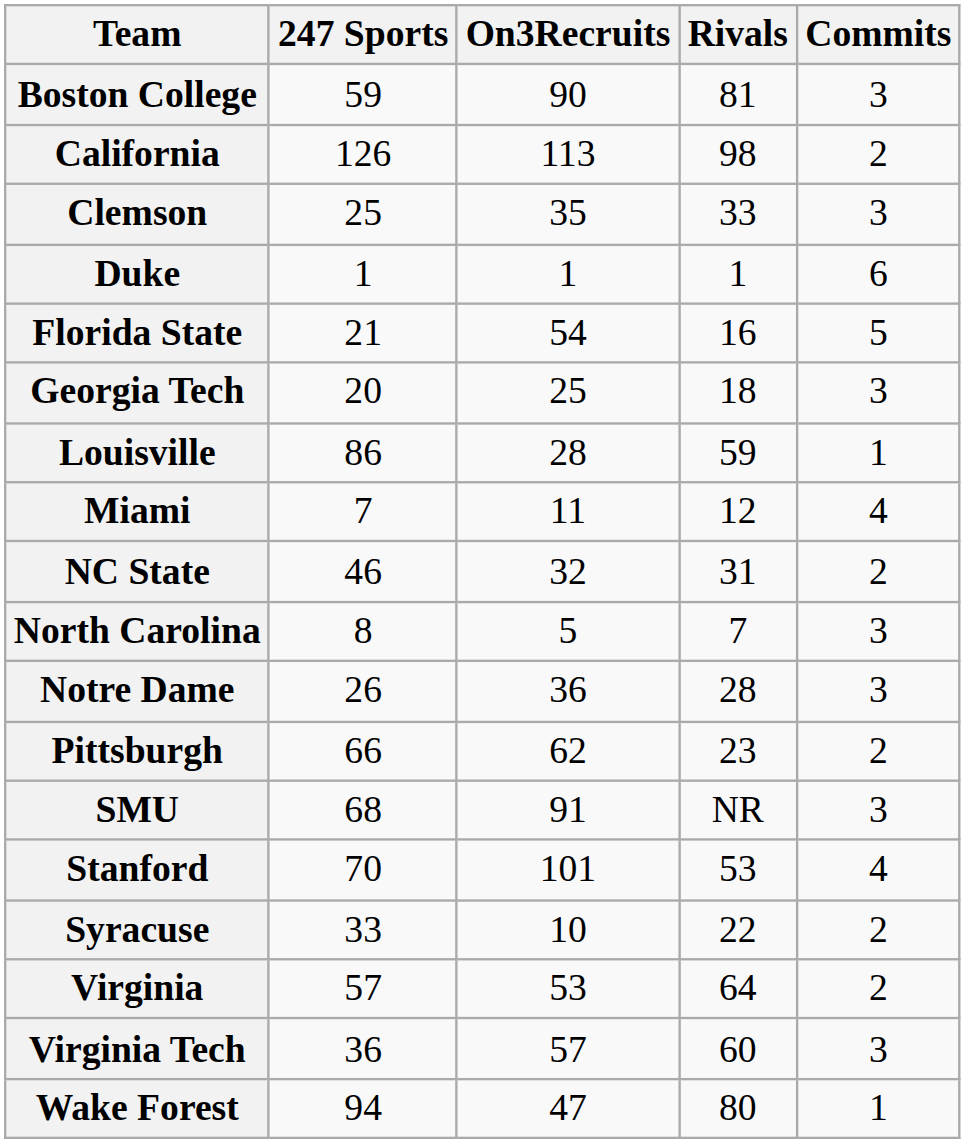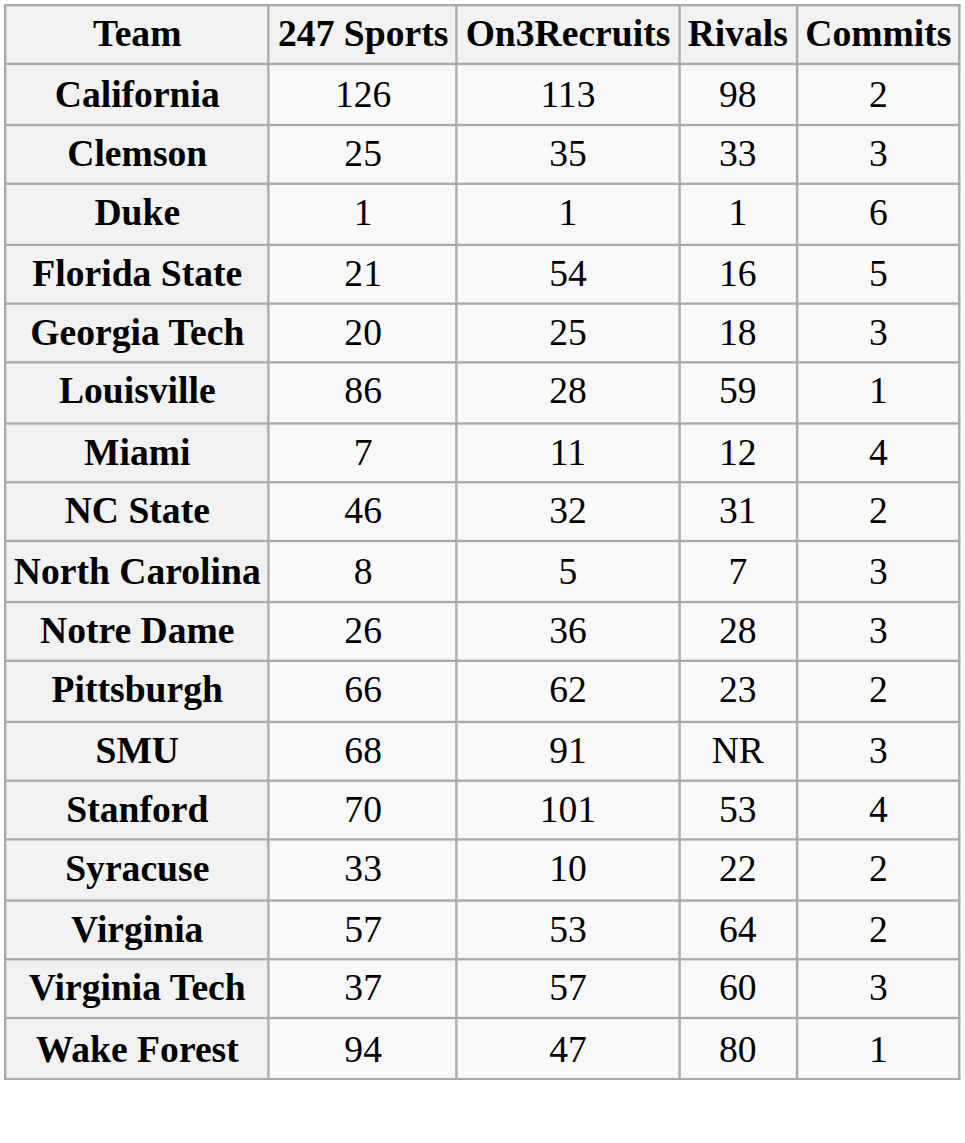 <table class="wikitable sortable" style="text-align:center">
 <tr>
 <th>Team</th>
 <th>247 Sports</th>
 <th>On3Recruits</th>
 <th>Rivals</th>
 <th>Commits</th>
-</tr>
-<tr>
-<th>Boston College</th>
-<td>59</td>
-<td>90</td>
-<td>81</td>
-<td>3</td>
 </tr>
 <tr>
 <th>California</th>
 <td>126</td>
 <td>113</td>
 <td>98</td>
 <td>2</td>
 </tr>
 <tr>
 <th>Clemson</th>
 <td>25</td>
 <td>35</td>
 <td>33</td>
 <td>3</td>
 </tr>
 <tr>
 <th>Duke</th>
 <td>1</td>
 <td>1</td>
 <td>1</td>
 <td>6</td>
 </tr>
 <tr>
 <th>Florida State</th>
 <td>21</td>
 <td>54</td>
 <td>16</td>
 <td>5</td>
 </tr>
 <tr>
 <th>Georgia Tech</th>
 <td>20</td>
 <td>25</td>
 <td>18</td>
 <td>3</td>
 </tr>
 <tr>
 <th>Louisville</th>
 <td>86</td>
 <td>28</td>
 <td>59</td>
 <td>1</td>
 </tr>
 <tr>
 <th>Miami</th>
 <td>7</td>
 <td>11</td>
 <td>12</td>
 <td>4</td>
 </tr>
 <tr>
 <th>NC State</th>
 <td>46</td>
 <td>32</td>
 <td>31</td>
 <td>2</td>
 </tr>
 <tr>
 <th>North Carolina</th>
 <td>8</td>
 <td>5</td>
 <td>7</td>
 <td>3</td>
 </tr>
 <tr>
 <th>Notre Dame</th>
 <td>26</td>
 <td>36</td>
 <td>28</td>
 <td>3</td>
 </tr>
 <tr>
 <th>Pittsburgh</th>
 <td>66</td>
 <td>62</td>
 <td>23</td>
 <td>2</td>
 </tr>
 <tr>
 <th>SMU</th>
 <td>68</td>
 <td>91</td>
 <td>NR</td>
 <td>3</td>
 </tr>
 <tr>
 <th>Stanford</th>
 <td>70</td>
 <td>101</td>
 <td>53</td>
 <td>4</td>
 </tr>
 <tr>
 <th>Syracuse</th>
 <td>33</td>
 <td>10</td>
 <td>22</td>
 <td>2</td>
 </tr>
 <tr>
 <th>Virginia</th>
 <td>57</td>
 <td>53</td>
 <td>64</td>
 <td>2</td>
 </tr>
 <tr>
 <th>Virginia Tech</th>
-<td>36</td>
+<td>37</td>
 <td>57</td>
 <td>60</td>
 <td>3</td>
 </tr>
 <tr>
 <th>Wake Forest</th>
 <td>94</td>
 <td>47</td>
 <td>80</td>
 <td>1</td>
 </tr>
 </table>
